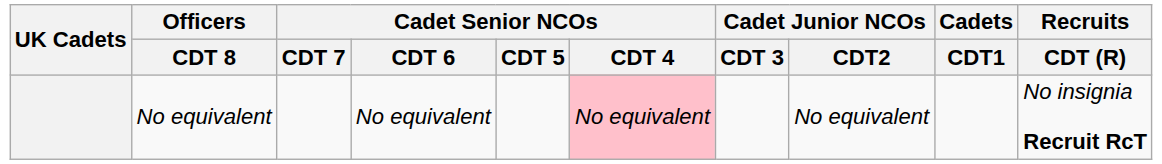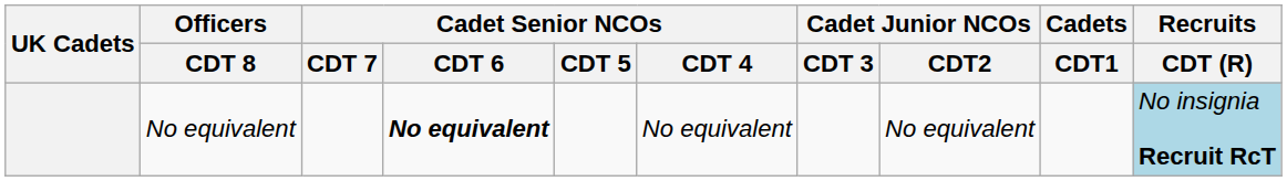 <table class="wikitable" style="margin-left: auto; margin-right: auto; border: none;">
 <tr>
 <th rowspan="2">UK Cadets</th>
 <th>Officers</th>
 <th colspan="4">Cadet Senior NCOs</th>
 <th colspan="2">Cadet Junior NCOs</th>
 <th>Cadets</th>
 <th>Recruits</th>
 </tr>
 <tr>
 <th>CDT 8</th>
 <th>CDT 7</th>
 <th>CDT 6</th>
 <th>CDT 5</th>
 <th>CDT 4</th>
 <th>CDT 3</th>
 <th>CDT2</th>
 <th>CDT1</th>
 <th>CDT (R)</th>
 </tr>
 <tr>
 <th></th>
 <td><em>No equivalent</em></td>
 <td></td>
-<td><em>No equivalent</em></td>
-<td></td>
-<td style="background: pink;"><em>No equivalent</em></td>
+<td><strong><em>No equivalent</em></strong></td>
 <td></td>
 <td><em>No equivalent</em></td>
 <td></td>
-<td><em>No insignia</em><br><br><strong>Recruit  RcT</strong></td>
+<td><em>No equivalent</em></td>
+<td></td>
+<td style="background: lightblue;"><em>No insignia</em><br><br><strong>Recruit  RcT</strong></td>
 </tr>
 </table>
